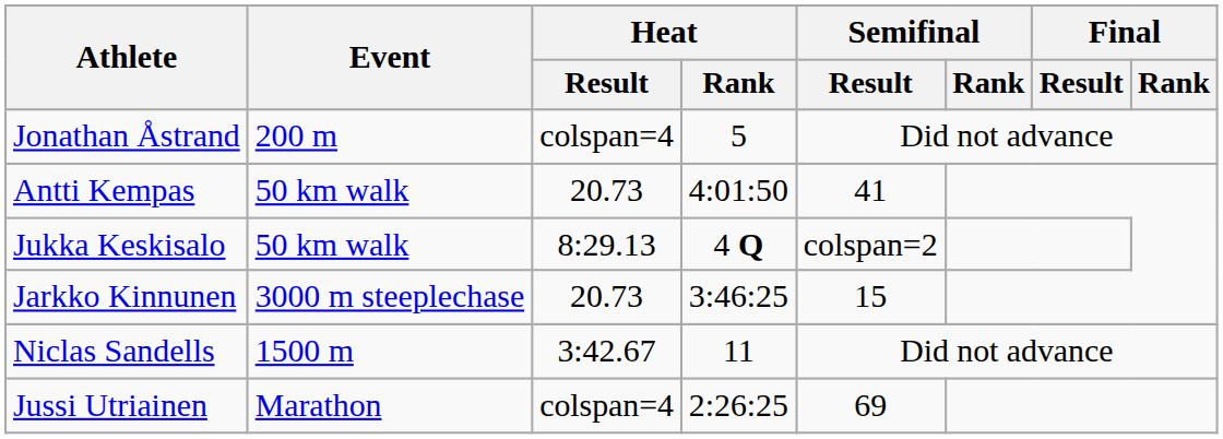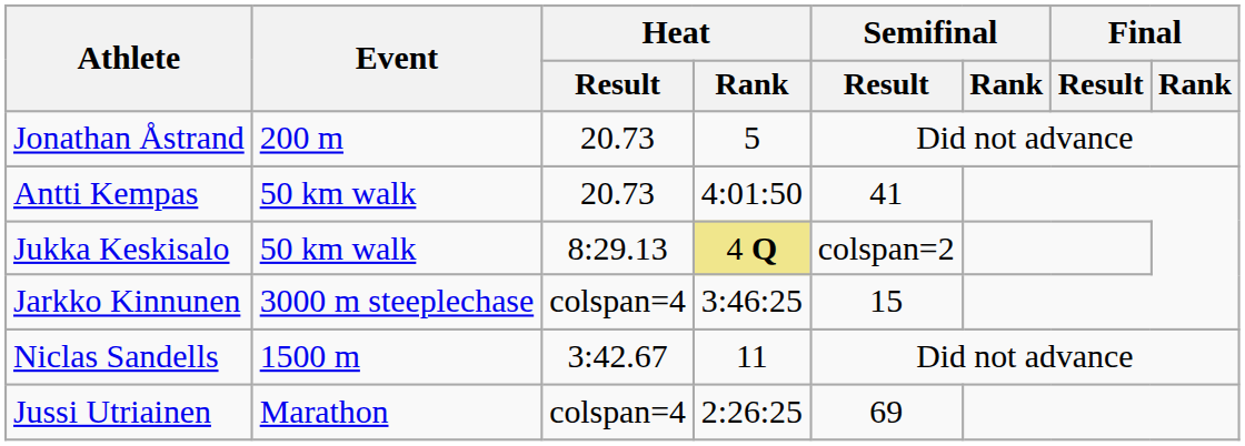 <table class="wikitable" style="font-size:90%">
 <tr>
 <th rowspan="2">Athlete</th>
 <th rowspan="2">Event</th>
 <th colspan="2">Heat</th>
 <th colspan="2">Semifinal</th>
 <th colspan="2">Final</th>
 </tr>
 <tr style="font-size:95%">
 <th>Result</th>
 <th>Rank</th>
 <th>Result</th>
 <th>Rank</th>
 <th>Result</th>
 <th>Rank</th>
 </tr>
 <tr align=center>
 <td align=left><a href='#'>Jonathan Åstrand</a></td>
 <td align=left><a href='#'>200 m</a></td>
-<td>colspan=4 </td>
+<td>20.73</td>
 <td>5</td>
 <td colspan=4>Did not advance</td>
 </tr>
 <tr align=center>
 <td align=left><a href='#'>Antti Kempas</a></td>
 <td align=left><a href='#'>50 km walk</a></td>
 <td>20.73</td>
 <td>4:01:50</td>
 <td>41</td>
 </tr>
 <tr align=center>
 <td align=left><a href='#'>Jukka Keskisalo</a></td>
 <td align=left><a href='#'>50 km walk</a></td>
 <td>8:29.13</td>
-<td>4 <strong>Q</strong></td>
+<td style="background: khaki;">4 <strong>Q</strong></td>
 <td>colspan=2 </td>
 <td colspan="2"></td>
 </tr>
 <tr align=center>
 <td align=left><a href='#'>Jarkko Kinnunen</a></td>
 <td align=left><a href='#'>3000 m steeplechase</a></td>
-<td>20.73</td>
+<td>colspan=4 </td>
 <td>3:46:25</td>
 <td>15</td>
 </tr>
 <tr align=center>
 <td align=left><a href='#'>Niclas Sandells</a></td>
 <td align=left><a href='#'>1500 m</a></td>
 <td>3:42.67</td>
 <td>11</td>
 <td colspan=4>Did not advance</td>
 </tr>
 <tr align=center>
 <td align=left><a href='#'>Jussi Utriainen</a></td>
 <td align=left><a href='#'>Marathon</a></td>
 <td>colspan=4 </td>
 <td>2:26:25</td>
 <td>69</td>
 </tr>
 </table>
